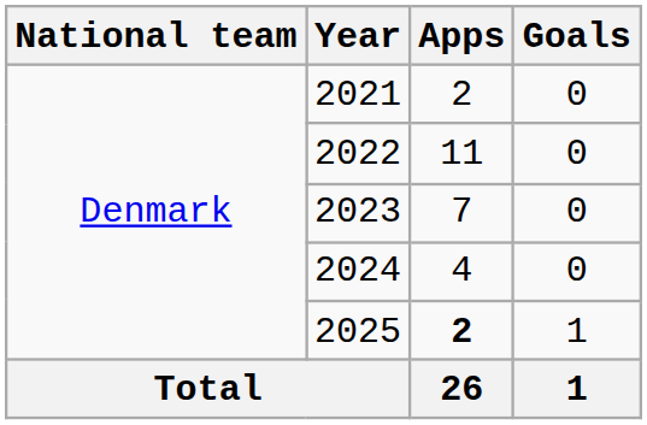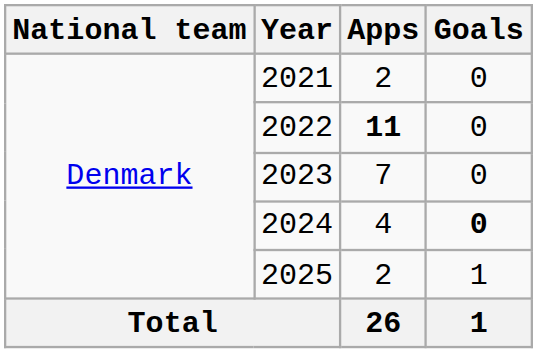 <table class=wikitable style=text-align:center>
 <tr>
 <th>National team</th>
 <th>Year</th>
 <th>Apps</th>
 <th>Goals</th>
 </tr>
 <tr>
 <td rowspan=5><a href='#'>Denmark</a></td>
 <td>2021</td>
 <td>2</td>
 <td>0</td>
 </tr>
 <tr>
 <td>2022</td>
-<td>11</td>
+<td><strong>11</strong></td>
 <td>0</td>
 </tr>
 <tr>
 <td>2023</td>
 <td>7</td>
 <td>0</td>
 </tr>
 <tr>
 <td>2024</td>
 <td>4</td>
-<td>0</td>
+<td><strong>0</strong></td>
 </tr>
 <tr>
 <td>2025</td>
-<td><strong>2</strong></td>
+<td>2</td>
 <td>1</td>
 </tr>
 <tr>
 <th colspan=2>Total</th>
 <th>26</th>
 <th>1</th>
 </tr>
 </table>
